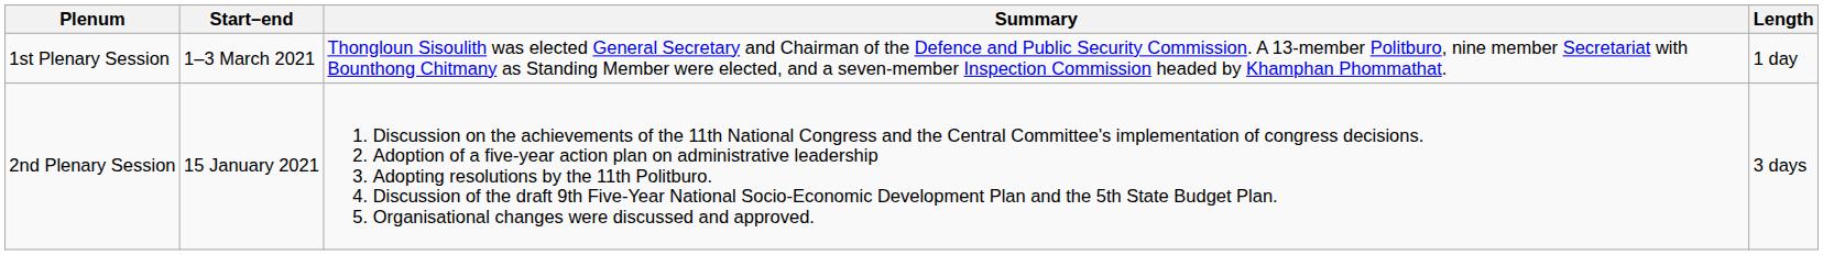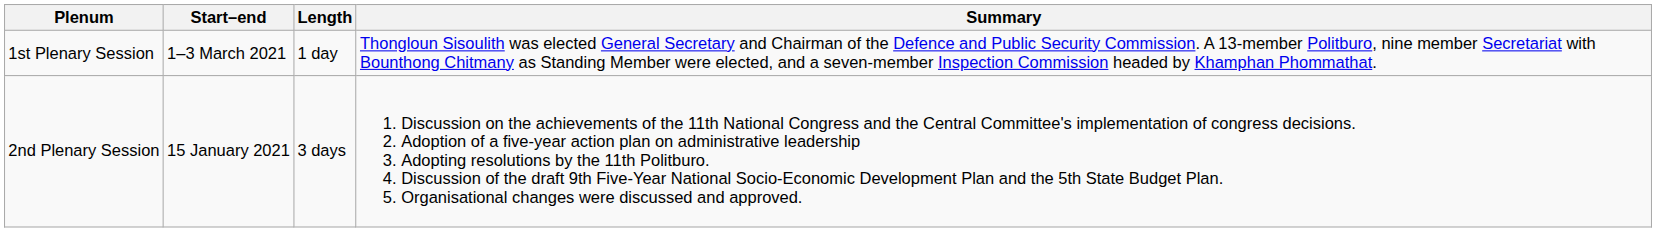 <table class="wikitable" style="width:100em;">
 <tr>
 <th>Plenum</th>
 <th>Start–end</th>
+<th>Length</th>
 <th>Summary</th>
-<th>Length</th>
 </tr>
 <tr>
 <td>1st Plenary Session</td>
 <td>1–3 March 2021</td>
+<td>1 day</td>
 <td><a href='#'>Thongloun Sisoulith</a> was elected <a href='#'>General Secretary</a> and Chairman of the <a href='#'>Defence and Public Security Commission</a>. A 13-member <a href='#'>Politburo</a>, nine member <a href='#'>Secretariat</a> with <a href='#'>Bounthong Chitmany</a> as Standing Member were elected, and a seven-member <a href='#'>Inspection Commission</a> headed by <a href='#'>Khamphan Phommathat</a>.</td>
-<td>1 day</td>
 </tr>
 <tr>
 <td>2nd Plenary Session</td>
 <td>15 January 2021</td>
+<td>3 days</td>
 <td><br><ol><li>Discussion on the achievements of the 11th National Congress and the Central Committee's implementation of congress decisions.</li><li>Adoption of a five-year action plan on administrative leadership</li><li>Adopting resolutions by the 11th Politburo.</li><li>Discussion of the draft 9th Five-Year National Socio-Economic Development Plan and the 5th State Budget Plan.</li><li>Organisational changes were discussed and approved.</li></ol></td>
-<td>3 days</td>
 </tr>
 </table>
